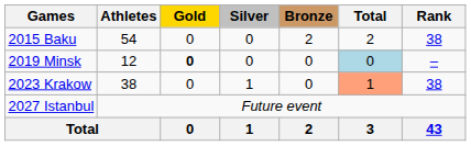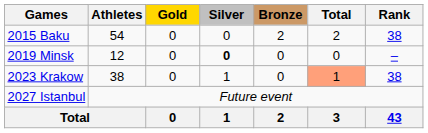 <table class="wikitable" style="text-align:center; font-size:90%;">
 <tr>
 <th>Games</th>
 <th>Athletes</th>
 <td style="background:gold; width:3.7em; font-weight:bold;">Gold</td>
 <td style="background:silver; width:3.7em; font-weight:bold;">Silver</td>
 <td style="background:#cc9966; width:3.7em; font-weight:bold;">Bronze</td>
 <th style="width:4em; font-weight:bold;">Total</th>
 <th style="width:4em; font-weight:bold;">Rank</th>
 </tr>
 <tr>
 <td align=left> <a href='#'>2015 Baku</a></td>
 <td>54</td>
 <td>0</td>
 <td>0</td>
 <td>2</td>
 <td>2</td>
 <td><a href='#'>38</a></td>
 </tr>
 <tr>
 <td align=left> <a href='#'>2019 Minsk</a></td>
 <td>12</td>
+<td>0</td>
 <td><strong>0</strong></td>
 <td>0</td>
 <td>0</td>
-<td style="background: lightblue;">0</td>
 <td><a href='#'>–</a></td>
 </tr>
 <tr>
 <td align=left> <a href='#'>2023 Krakow</a></td>
 <td>38</td>
 <td>0</td>
 <td>1</td>
 <td>0</td>
 <td style="background: lightsalmon;">1</td>
 <td><a href='#'>38</a></td>
 </tr>
 <tr>
 <td align=left> <a href='#'>2027 Istanbul</a></td>
 <td colspan=6><em>Future event</em></td>
 </tr>
 <tr>
 <th colspan=2>Total</th>
 <th>0</th>
 <th>1</th>
 <th>2</th>
 <th>3</th>
 <th><a href='#'>43</a></th>
 </tr>
 </table>
